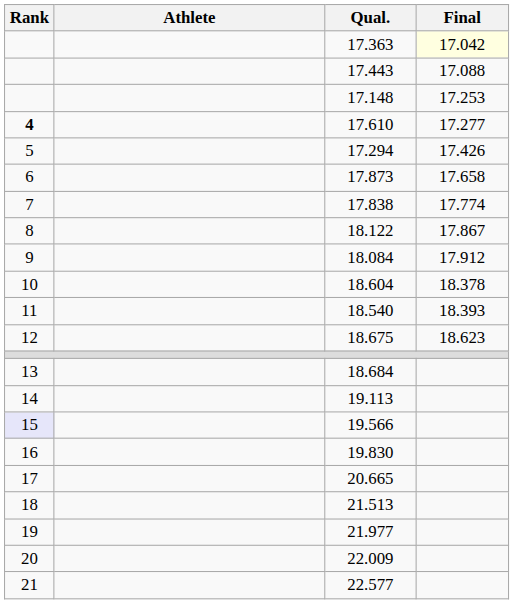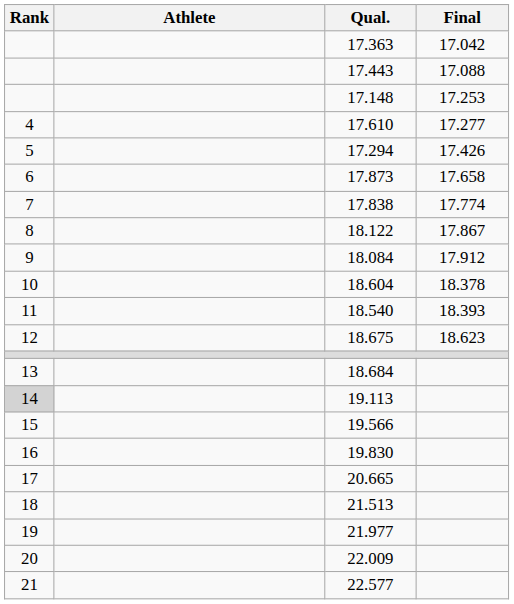 <table class=wikitable style="text-align:center">
 <tr>
 <th width=40>Rank</th>
 <th width=250>Athlete</th>
 <th width=80>Qual.</th>
 <th width=80>Final</th>
 </tr>
 <tr>
 <td></td>
 <td align=left></td>
 <td>17.363</td>
-<td style="background: lightyellow;">17.042</td>
+<td>17.042</td>
 </tr>
 <tr>
 <td></td>
 <td align=left></td>
 <td>17.443</td>
 <td>17.088</td>
 </tr>
 <tr>
 <td></td>
 <td align=left></td>
 <td>17.148</td>
 <td>17.253</td>
 </tr>
 <tr>
-<td><strong>4</strong></td>
+<td>4</td>
 <td align=left></td>
 <td>17.610</td>
 <td>17.277</td>
 </tr>
 <tr>
 <td>5</td>
 <td align=left></td>
 <td>17.294</td>
 <td>17.426</td>
 </tr>
 <tr>
 <td>6</td>
 <td align=left></td>
 <td>17.873</td>
 <td>17.658</td>
 </tr>
 <tr>
 <td>7</td>
 <td align=left></td>
 <td>17.838</td>
 <td>17.774</td>
 </tr>
 <tr>
 <td>8</td>
 <td align=left></td>
 <td>18.122</td>
 <td>17.867</td>
 </tr>
 <tr>
 <td>9</td>
 <td align=left></td>
 <td>18.084</td>
 <td>17.912</td>
 </tr>
 <tr>
 <td>10</td>
 <td align=left></td>
 <td>18.604</td>
 <td>18.378</td>
 </tr>
 <tr>
 <td>11</td>
 <td align=left></td>
 <td>18.540</td>
 <td>18.393</td>
 </tr>
 <tr>
 <td>12</td>
 <td align=left></td>
 <td>18.675</td>
 <td>18.623</td>
 </tr>
 <tr bgcolor=#DDDDDD>
 <td colspan=4></td>
 </tr>
 <tr>
 <td>13</td>
 <td align=left></td>
 <td>18.684</td>
 <td></td>
 </tr>
 <tr>
-<td>14</td>
+<td style="background: lightgrey;">14</td>
 <td align=left></td>
 <td>19.113</td>
 <td></td>
 </tr>
 <tr>
-<td style="background: lavender;">15</td>
+<td>15</td>
 <td align=left></td>
 <td>19.566</td>
 <td></td>
 </tr>
 <tr>
 <td>16</td>
 <td align=left></td>
 <td>19.830</td>
 <td></td>
 </tr>
 <tr>
 <td>17</td>
 <td align=left></td>
 <td>20.665</td>
 <td></td>
 </tr>
 <tr>
 <td>18</td>
 <td align=left></td>
 <td>21.513</td>
 <td></td>
 </tr>
 <tr>
 <td>19</td>
 <td align=left></td>
 <td>21.977</td>
 <td></td>
 </tr>
 <tr>
 <td>20</td>
 <td align=left></td>
 <td>22.009</td>
 <td></td>
 </tr>
 <tr>
 <td>21</td>
 <td align=left></td>
 <td>22.577</td>
 <td></td>
 </tr>
 </table>
